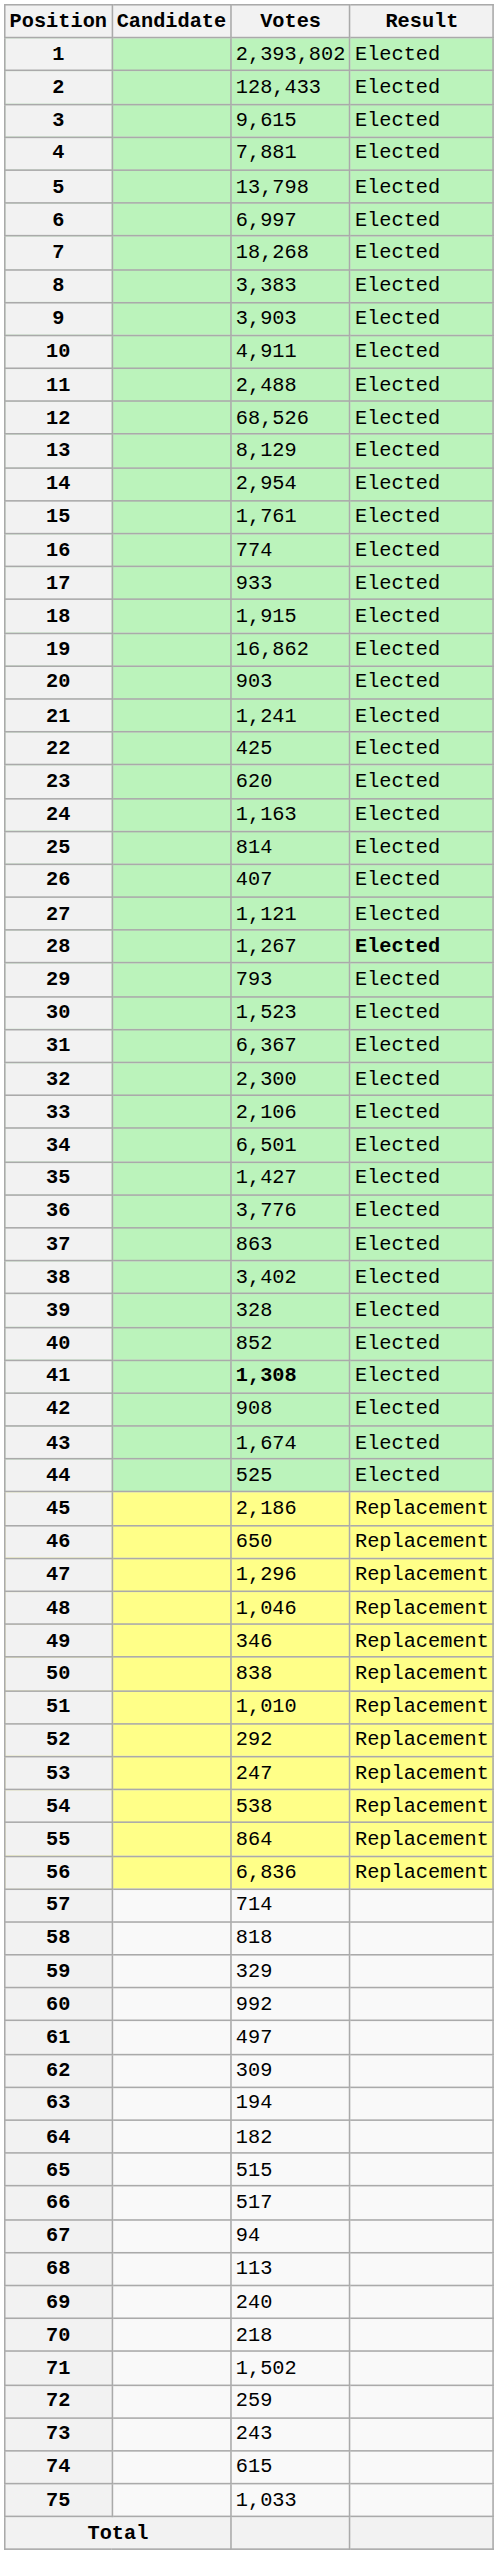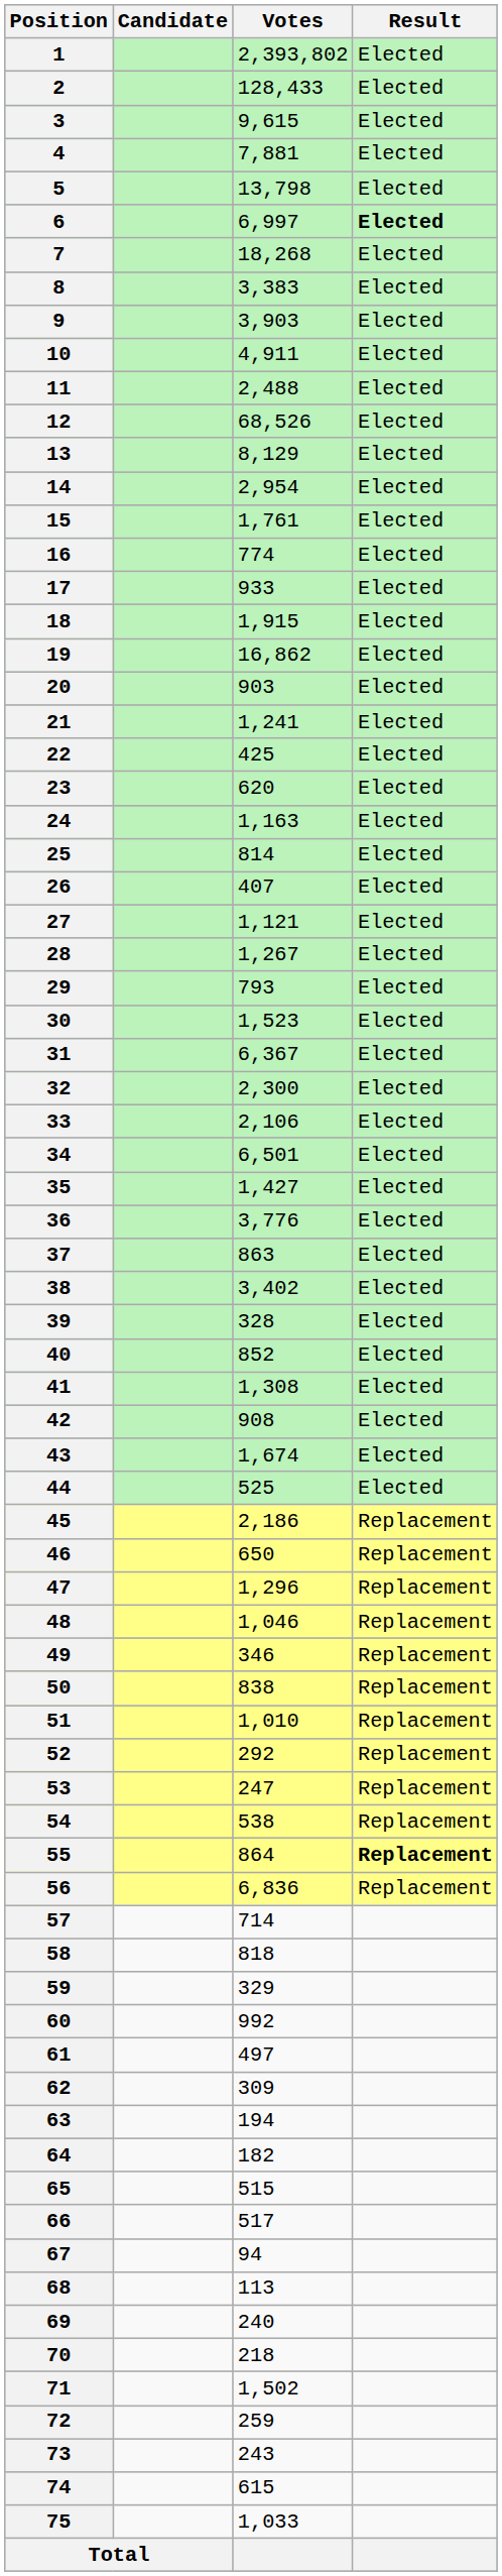 <table class="wikitable sortable col3right">
 <tr>
 <th scope="col">Position</th>
 <th scope="col">Candidate</th>
 <th scope="col">Votes</th>
 <th scope="col">Result</th>
 </tr>
 <tr bgcolor=bbf3bb>
 <th scope="row">1</th>
 <td></td>
 <td>2,393,802</td>
 <td>Elected</td>
 </tr>
 <tr bgcolor=bbf3bb>
 <th scope="row">2</th>
 <td></td>
 <td>128,433</td>
 <td>Elected</td>
 </tr>
 <tr bgcolor=bbf3bb>
 <th scope="row">3</th>
 <td></td>
 <td>9,615</td>
 <td>Elected</td>
 </tr>
 <tr bgcolor=bbf3bb>
 <th scope="row">4</th>
 <td></td>
 <td>7,881</td>
 <td>Elected</td>
 </tr>
 <tr bgcolor=bbf3bb>
 <th scope="row">5</th>
 <td></td>
 <td>13,798</td>
 <td>Elected</td>
 </tr>
 <tr bgcolor=bbf3bb>
 <th scope="row">6</th>
 <td></td>
 <td>6,997</td>
-<td>Elected</td>
+<td><strong>Elected</strong></td>
 </tr>
 <tr bgcolor=bbf3bb>
 <th scope="row">7</th>
 <td></td>
 <td>18,268</td>
 <td>Elected</td>
 </tr>
 <tr bgcolor=bbf3bb>
 <th scope="row">8</th>
 <td></td>
 <td>3,383</td>
 <td>Elected</td>
 </tr>
 <tr bgcolor=bbf3bb>
 <th scope="row">9</th>
 <td></td>
 <td>3,903</td>
 <td>Elected</td>
 </tr>
 <tr bgcolor=bbf3bb>
 <th scope="row">10</th>
 <td></td>
 <td>4,911</td>
 <td>Elected</td>
 </tr>
 <tr bgcolor=bbf3bb>
 <th scope="row">11</th>
 <td></td>
 <td>2,488</td>
 <td>Elected</td>
 </tr>
 <tr bgcolor=bbf3bb>
 <th scope="row">12</th>
 <td></td>
 <td>68,526</td>
 <td>Elected</td>
 </tr>
 <tr bgcolor=bbf3bb>
 <th scope="row">13</th>
 <td></td>
 <td>8,129</td>
 <td>Elected</td>
 </tr>
 <tr bgcolor=bbf3bb>
 <th scope="row">14</th>
 <td></td>
 <td>2,954</td>
 <td>Elected</td>
 </tr>
 <tr bgcolor=bbf3bb>
 <th scope="row">15</th>
 <td></td>
 <td>1,761</td>
 <td>Elected</td>
 </tr>
 <tr bgcolor=bbf3bb>
 <th scope="row">16</th>
 <td></td>
 <td>774</td>
 <td>Elected</td>
 </tr>
 <tr bgcolor=bbf3bb>
 <th scope="row">17</th>
 <td></td>
 <td>933</td>
 <td>Elected</td>
 </tr>
 <tr bgcolor=bbf3bb>
 <th scope="row">18</th>
 <td></td>
 <td>1,915</td>
 <td>Elected</td>
 </tr>
 <tr bgcolor=bbf3bb>
 <th scope="row">19</th>
 <td></td>
 <td>16,862</td>
 <td>Elected</td>
 </tr>
 <tr bgcolor=bbf3bb>
 <th scope="row">20</th>
 <td></td>
 <td>903</td>
 <td>Elected</td>
 </tr>
 <tr bgcolor=bbf3bb>
 <th scope="row">21</th>
 <td></td>
 <td>1,241</td>
 <td>Elected</td>
 </tr>
 <tr bgcolor=bbf3bb>
 <th scope="row">22</th>
 <td></td>
 <td>425</td>
 <td>Elected</td>
 </tr>
 <tr bgcolor=bbf3bb>
 <th scope="row">23</th>
 <td></td>
 <td>620</td>
 <td>Elected</td>
 </tr>
 <tr bgcolor=bbf3bb>
 <th scope="row">24</th>
 <td></td>
 <td>1,163</td>
 <td>Elected</td>
 </tr>
 <tr bgcolor=bbf3bb>
 <th scope="row">25</th>
 <td></td>
 <td>814</td>
 <td>Elected</td>
 </tr>
 <tr bgcolor=bbf3bb>
 <th scope="row">26</th>
 <td></td>
 <td>407</td>
 <td>Elected</td>
 </tr>
 <tr bgcolor=bbf3bb>
 <th scope="row">27</th>
 <td></td>
 <td>1,121</td>
 <td>Elected</td>
 </tr>
 <tr bgcolor=bbf3bb>
 <th scope="row">28</th>
 <td></td>
 <td>1,267</td>
-<td><strong>Elected</strong></td>
+<td>Elected</td>
 </tr>
 <tr bgcolor=bbf3bb>
 <th scope="row">29</th>
 <td></td>
 <td>793</td>
 <td>Elected</td>
 </tr>
 <tr bgcolor=bbf3bb>
 <th scope="row">30</th>
 <td></td>
 <td>1,523</td>
 <td>Elected</td>
 </tr>
 <tr bgcolor=bbf3bb>
 <th scope="row">31</th>
 <td></td>
 <td>6,367</td>
 <td>Elected</td>
 </tr>
 <tr bgcolor=bbf3bb>
 <th scope="row">32</th>
 <td></td>
 <td>2,300</td>
 <td>Elected</td>
 </tr>
 <tr bgcolor=bbf3bb>
 <th scope="row">33</th>
 <td></td>
 <td>2,106</td>
 <td>Elected</td>
 </tr>
 <tr bgcolor=bbf3bb>
 <th scope="row">34</th>
 <td></td>
 <td>6,501</td>
 <td>Elected</td>
 </tr>
 <tr bgcolor=bbf3bb>
 <th scope="row">35</th>
 <td></td>
 <td>1,427</td>
 <td>Elected</td>
 </tr>
 <tr bgcolor=bbf3bb>
 <th scope="row">36</th>
 <td></td>
 <td>3,776</td>
 <td>Elected</td>
 </tr>
 <tr bgcolor=bbf3bb>
 <th scope="row">37</th>
 <td></td>
 <td>863</td>
 <td>Elected</td>
 </tr>
 <tr bgcolor=bbf3bb>
 <th scope="row">38</th>
 <td></td>
 <td>3,402</td>
 <td>Elected</td>
 </tr>
 <tr bgcolor=bbf3bb>
 <th scope="row">39</th>
 <td></td>
 <td>328</td>
 <td>Elected</td>
 </tr>
 <tr bgcolor=bbf3bb>
 <th scope="row">40</th>
 <td></td>
 <td>852</td>
 <td>Elected</td>
 </tr>
 <tr bgcolor=bbf3bb>
 <th scope="row">41</th>
 <td></td>
-<td><strong>1,308</strong></td>
+<td>1,308</td>
 <td>Elected</td>
 </tr>
 <tr bgcolor=bbf3bb>
 <th scope="row">42</th>
 <td></td>
 <td>908</td>
 <td>Elected</td>
 </tr>
 <tr bgcolor=bbf3bb>
 <th scope="row">43</th>
 <td></td>
 <td>1,674</td>
 <td>Elected</td>
 </tr>
 <tr bgcolor=bbf3bb>
 <th scope="row">44</th>
 <td></td>
 <td>525</td>
 <td>Elected</td>
 </tr>
 <tr bgcolor=#FF8>
 <th scope="row">45</th>
 <td></td>
 <td>2,186</td>
 <td>Replacement</td>
 </tr>
 <tr bgcolor=#FF8>
 <th scope="row">46</th>
 <td></td>
 <td>650</td>
 <td>Replacement</td>
 </tr>
 <tr bgcolor=#FF8>
 <th scope="row">47</th>
 <td></td>
 <td>1,296</td>
 <td>Replacement</td>
 </tr>
 <tr bgcolor=#FF8>
 <th scope="row">48</th>
 <td></td>
 <td>1,046</td>
 <td>Replacement</td>
 </tr>
 <tr bgcolor=#FF8>
 <th scope="row">49</th>
 <td></td>
 <td>346</td>
 <td>Replacement</td>
 </tr>
 <tr bgcolor=#FF8>
 <th scope="row">50</th>
 <td></td>
 <td>838</td>
 <td>Replacement</td>
 </tr>
 <tr bgcolor=#FF8>
 <th scope="row">51</th>
 <td></td>
 <td>1,010</td>
 <td>Replacement</td>
 </tr>
 <tr bgcolor=#FF8>
 <th scope="row">52</th>
 <td></td>
 <td>292</td>
 <td>Replacement</td>
 </tr>
 <tr bgcolor=#FF8>
 <th scope="row">53</th>
 <td></td>
 <td>247</td>
 <td>Replacement</td>
 </tr>
 <tr bgcolor=#FF8>
 <th scope="row">54</th>
 <td></td>
 <td>538</td>
 <td>Replacement</td>
 </tr>
 <tr bgcolor=#FF8>
 <th scope="row">55</th>
 <td></td>
 <td>864</td>
-<td>Replacement</td>
+<td><strong>Replacement</strong></td>
 </tr>
 <tr bgcolor=#FF8>
 <th scope="row">56</th>
 <td></td>
 <td>6,836</td>
 <td>Replacement</td>
 </tr>
 <tr>
 <th scope="row">57</th>
 <td></td>
 <td>714</td>
 <td></td>
 </tr>
 <tr>
 <th scope="row">58</th>
 <td></td>
 <td>818</td>
 <td></td>
 </tr>
 <tr>
 <th scope="row">59</th>
 <td></td>
 <td>329</td>
 <td></td>
 </tr>
 <tr>
 <th scope="row">60</th>
 <td></td>
 <td>992</td>
 <td></td>
 </tr>
 <tr>
 <th scope="row">61</th>
 <td></td>
 <td>497</td>
 <td></td>
 </tr>
 <tr>
 <th scope="row">62</th>
 <td></td>
 <td>309</td>
 <td></td>
 </tr>
 <tr>
 <th scope="row">63</th>
 <td></td>
 <td>194</td>
 <td></td>
 </tr>
 <tr>
 <th scope="row">64</th>
 <td></td>
 <td>182</td>
 <td></td>
 </tr>
 <tr>
 <th scope="row">65</th>
 <td></td>
 <td>515</td>
 <td></td>
 </tr>
 <tr>
 <th scope="row">66</th>
 <td></td>
 <td>517</td>
 <td></td>
 </tr>
 <tr>
 <th scope="row">67</th>
 <td></td>
 <td>94</td>
 <td></td>
 </tr>
 <tr>
 <th scope="row">68</th>
 <td></td>
 <td>113</td>
 <td></td>
 </tr>
 <tr>
 <th scope="row">69</th>
 <td></td>
 <td>240</td>
 <td></td>
 </tr>
 <tr>
 <th scope="row">70</th>
 <td></td>
 <td>218</td>
 <td></td>
 </tr>
 <tr>
 <th scope="row">71</th>
 <td></td>
 <td>1,502</td>
 <td></td>
 </tr>
 <tr>
 <th scope="row">72</th>
 <td></td>
 <td>259</td>
 <td></td>
 </tr>
 <tr>
 <th scope="row">73</th>
 <td></td>
 <td>243</td>
 <td></td>
 </tr>
 <tr>
 <th scope="row">74</th>
 <td></td>
 <td>615</td>
 <td></td>
 </tr>
 <tr>
 <th scope="row">75</th>
 <td></td>
 <td>1,033</td>
 <td></td>
 </tr>
 <tr class="sortbottom">
 <th scope="row" colspan="2">Total</th>
 <th></th>
 <th></th>
 </tr>
 </table>
